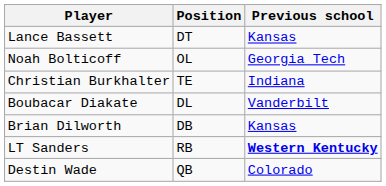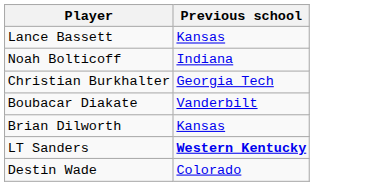 <table class="wikitable sortable">
 <tr>
 <th style="text-align:center;">Player</th>
-<th style="text-align:center;">Position</th>
 <th style="text-align:center;">Previous school</th>
 </tr>
 <tr>
 <td>Lance Bassett</td>
-<td>DT</td>
 <td><a href='#'>Kansas</a></td>
 </tr>
 <tr>
 <td>Noah Bolticoff</td>
-<td>OL</td>
+<td><a href='#'>Indiana</a></td>
+</tr>
+<tr>
+<td>Christian Burkhalter</td>
 <td><a href='#'>Georgia Tech</a></td>
 </tr>
 <tr>
-<td>Christian Burkhalter</td>
-<td>TE</td>
-<td><a href='#'>Indiana</a></td>
-</tr>
-<tr>
 <td>Boubacar Diakate</td>
-<td>DL</td>
 <td><a href='#'>Vanderbilt</a></td>
 </tr>
 <tr>
 <td>Brian Dilworth</td>
-<td>DB</td>
 <td><a href='#'>Kansas</a></td>
 </tr>
 <tr>
 <td>LT Sanders</td>
-<td>RB</td>
 <td><strong><a href='#'>Western Kentucky</a></strong></td>
 </tr>
 <tr>
 <td>Destin Wade</td>
-<td>QB</td>
 <td><a href='#'>Colorado</a></td>
 </tr>
 </table>
